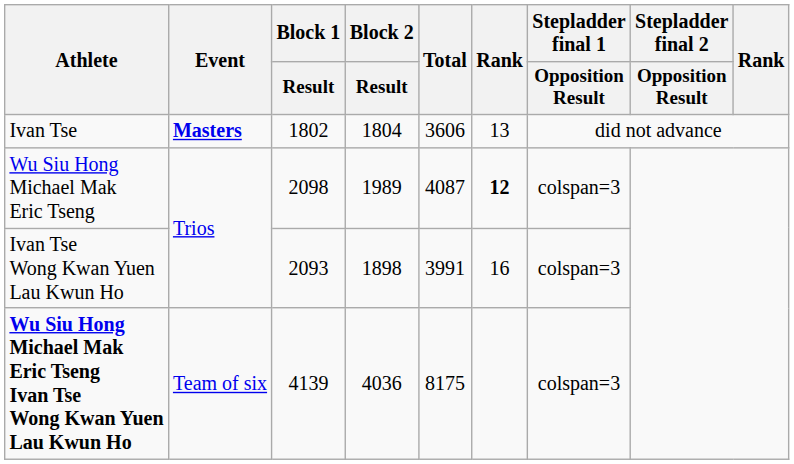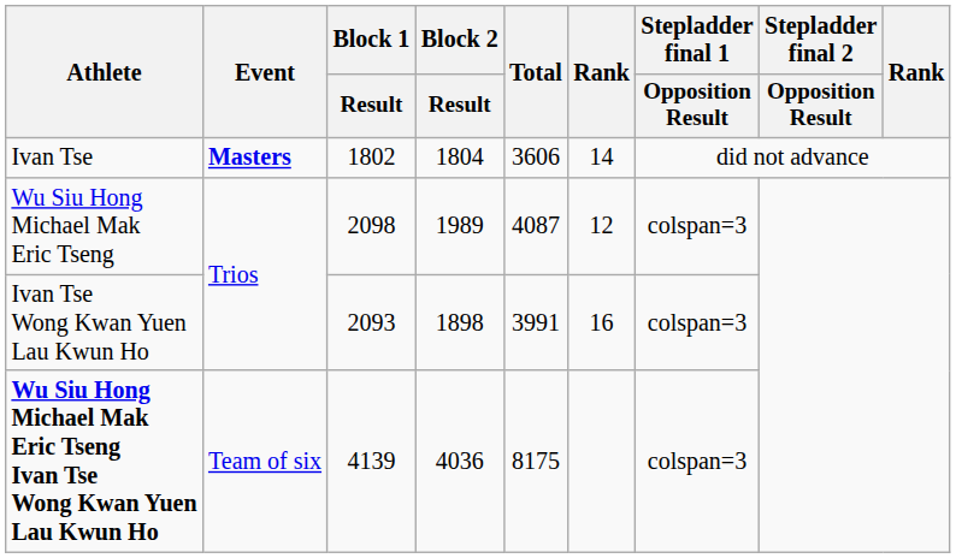 <table class=wikitable style=font-size:90%;text-align:center>
 <tr>
 <th rowspan="2">Athlete</th>
 <th rowspan="2">Event</th>
 <th>Block 1</th>
 <th>Block 2</th>
 <th rowspan="2">Total</th>
 <th rowspan="2">Rank</th>
 <th>Stepladder<br>final 1</th>
 <th>Stepladder<br>final 2</th>
 <th rowspan="2">Rank</th>
 </tr>
 <tr style="font-size:95%">
 <th>Result</th>
 <th>Result</th>
 <th>Opposition<br>Result</th>
 <th>Opposition<br>Result</th>
 </tr>
 <tr>
 <td align=left>Ivan Tse</td>
 <td align=left><strong><a href='#'>Masters</a></strong></td>
 <td>1802</td>
 <td>1804</td>
 <td>3606</td>
-<td>13</td>
+<td>14</td>
 <td colspan=3>did not advance</td>
 </tr>
 <tr>
 <td align=left><a href='#'>Wu Siu Hong</a><br>Michael Mak<br>Eric Tseng</td>
 <td align=left rowspan=2><a href='#'>Trios</a></td>
 <td>2098</td>
 <td>1989</td>
 <td>4087</td>
-<td><strong>12</strong></td>
+<td>12</td>
 <td>colspan=3 </td>
 </tr>
 <tr>
 <td align=left>Ivan Tse<br>Wong Kwan Yuen<br>Lau Kwun Ho</td>
 <td>2093</td>
 <td>1898</td>
 <td>3991</td>
 <td>16</td>
 <td>colspan=3 </td>
 </tr>
 <tr>
 <td align=left><strong><a href='#'>Wu Siu Hong</a><br>Michael Mak<br>Eric Tseng<br>Ivan Tse<br>Wong Kwan Yuen<br>Lau Kwun Ho</strong></td>
 <td align=left><a href='#'>Team of six</a></td>
 <td>4139</td>
 <td>4036</td>
 <td>8175</td>
 <td></td>
 <td>colspan=3 </td>
 </tr>
 </table>
